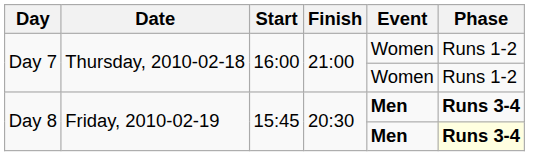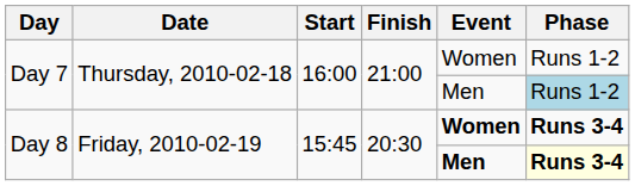 <table class=wikitable>
 <tr>
 <th>Day</th>
 <th>Date</th>
 <th>Start</th>
 <th>Finish</th>
 <th>Event</th>
 <th>Phase</th>
 </tr>
 <tr>
 <td rowspan=2>Day 7</td>
 <td rowspan=2>Thursday, 2010-02-18</td>
 <td rowspan=2>16:00</td>
 <td rowspan=2>21:00</td>
 <td>Women</td>
 <td>Runs 1-2</td>
 </tr>
 <tr>
-<td>Women</td>
-<td>Runs 1-2</td>
+<td>Men</td>
+<td style="background: lightblue;">Runs 1-2</td>
 </tr>
 <tr>
 <td rowspan=2>Day 8</td>
 <td rowspan=2>Friday, 2010-02-19</td>
 <td rowspan=2>15:45</td>
 <td rowspan=2>20:30</td>
-<td><strong>Men</strong></td>
+<td><strong>Women</strong></td>
 <td><strong>Runs 3-4</strong></td>
 </tr>
 <tr>
 <td><strong>Men</strong></td>
 <td style="background: lightyellow;"><strong>Runs 3-4</strong></td>
 </tr>
 </table>
